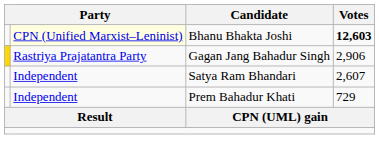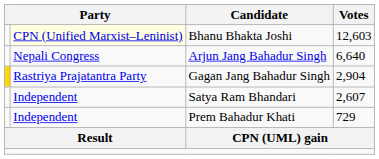 <table class="wikitable">
 <tr>
 <th colspan="2">Party</th>
 <th>Candidate</th>
 <th>Votes</th>
 </tr>
 <tr>
 <td style="background-color:"></td>
 <td style="background: lightyellow;"><a href='#'>CPN (Unified Marxist–Leninist)</a></td>
 <td>Bhanu Bhakta Joshi</td>
-<td><strong>12,603</strong></td>
+<td>12,603</td>
+</tr>
+<tr>
+<td style="background-color:"></td>
+<td><a href='#'>Nepali Congress</a></td>
+<td><a href='#'>Arjun Jang Bahadur Singh</a></td>
+<td>6,640</td>
 </tr>
 <tr>
 <td style="background-color:gold"></td>
 <td><a href='#'>Rastriya Prajatantra Party</a></td>
 <td>Gagan Jang Bahadur Singh</td>
-<td>2,906</td>
+<td>2,904</td>
 </tr>
 <tr>
 <td style="background-color:"></td>
 <td><a href='#'>Independent</a></td>
 <td>Satya Ram Bhandari</td>
 <td>2,607</td>
 </tr>
 <tr>
 <td style="background-color:"></td>
 <td><a href='#'>Independent</a></td>
 <td>Prem Bahadur Khati</td>
 <td>729</td>
 </tr>
 <tr>
 <th colspan="2">Result</th>
 <th colspan="2">CPN (UML) gain</th>
 </tr>
 <tr>
 <td colspan="4"></td>
 </tr>
 </table>
